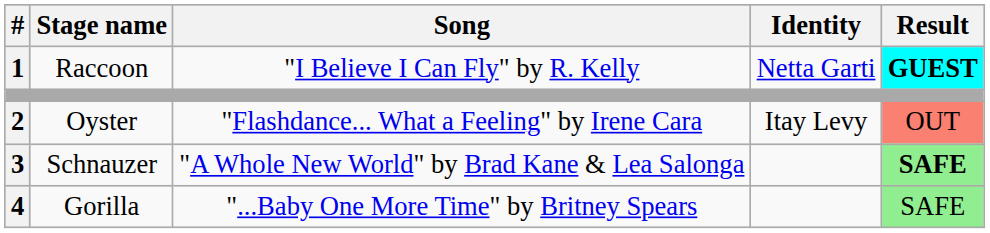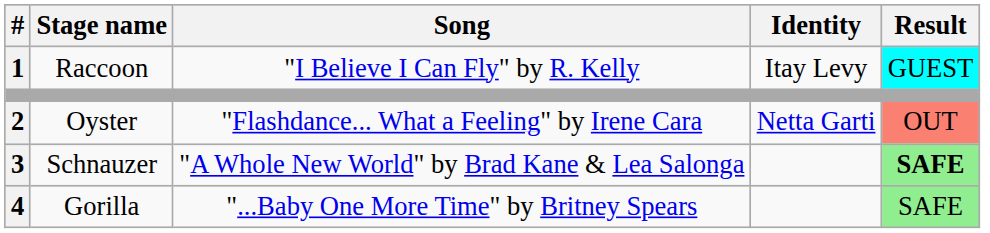 <table class="wikitable plainrowheaders" style="text-align: center;">
 <tr>
 <th>#</th>
 <th>Stage name</th>
 <th>Song</th>
 <th>Identity</th>
 <th>Result</th>
 </tr>
 <tr>
 <th>1</th>
 <td>Raccoon</td>
 <td>"<a href='#'>I Believe I Can Fly</a>" by <a href='#'>R. Kelly</a></td>
-<td><a href='#'>Netta Garti</a></td>
-<td bgcolor=#00ffff><strong>GUEST</strong></td>
+<td>Itay Levy</td>
+<td bgcolor=#00ffff>GUEST</td>
 </tr>
 <tr>
 <td colspan="5" style="background:darkgray"></td>
 </tr>
 <tr>
 <th>2</th>
 <td>Oyster</td>
 <td>"<a href='#'>Flashdance... What a Feeling</a>" by <a href='#'>Irene Cara</a></td>
-<td>Itay Levy</td>
+<td><a href='#'>Netta Garti</a></td>
 <td bgcolor="salmon">OUT</td>
 </tr>
 <tr>
 <th>3</th>
 <td>Schnauzer</td>
 <td>"<a href='#'>A Whole New World</a>" by <a href='#'>Brad Kane</a> & <a href='#'>Lea Salonga</a></td>
 <td></td>
 <td bgcolor="lightgreen"><strong>SAFE</strong></td>
 </tr>
 <tr>
 <th>4</th>
 <td>Gorilla</td>
 <td>"<a href='#'>...Baby One More Time</a>" by <a href='#'>Britney Spears</a></td>
 <td></td>
 <td bgcolor="lightgreen">SAFE</td>
 </tr>
 </table>
